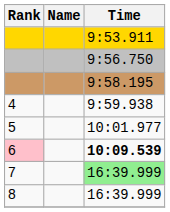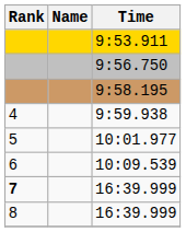 <table class="wikitable">
 <tr>
 <th>Rank</th>
 <th>Name</th>
 <th>Time</th>
 </tr>
 <tr style="background:gold;">
 <td></td>
 <td></td>
 <td>9:53.911</td>
 </tr>
 <tr style="background:silver;">
 <td></td>
 <td></td>
 <td>9:56.750</td>
 </tr>
 <tr style="background:#cc9966;">
 <td></td>
 <td></td>
 <td>9:58.195</td>
 </tr>
 <tr>
 <td>4</td>
 <td></td>
 <td>9:59.938</td>
 </tr>
 <tr>
 <td>5</td>
 <td></td>
 <td>10:01.977</td>
 </tr>
 <tr>
-<td style="background: pink;">6</td>
+<td>6</td>
 <td></td>
-<td><strong>10:09.539</strong></td>
+<td>10:09.539</td>
 </tr>
 <tr>
-<td>7</td>
+<td><strong>7</strong></td>
 <td></td>
-<td style="background: lightgreen;">16:39.999</td>
+<td>16:39.999</td>
 </tr>
 <tr>
 <td>8</td>
 <td></td>
 <td>16:39.999</td>
 </tr>
 <tr>
 </tr>
 </table>
